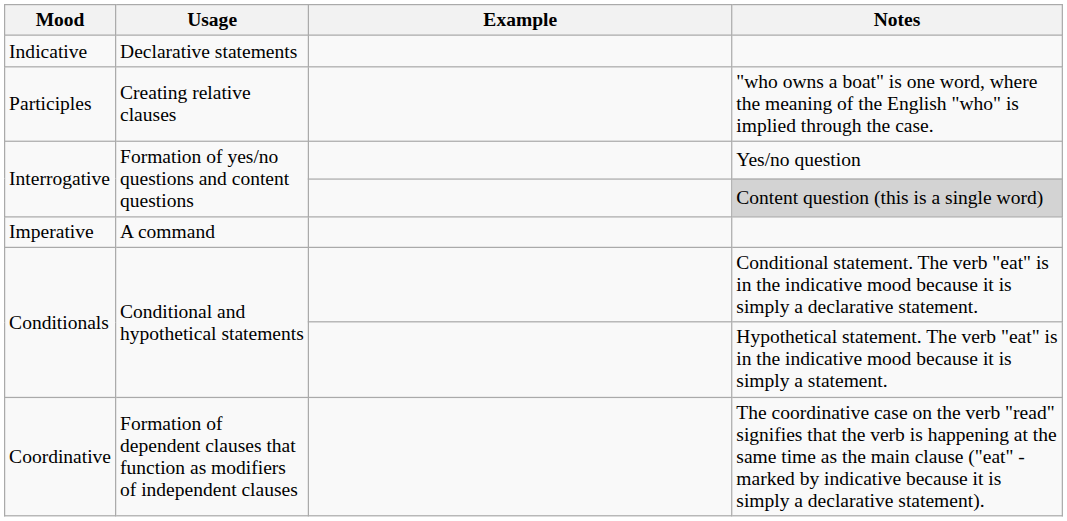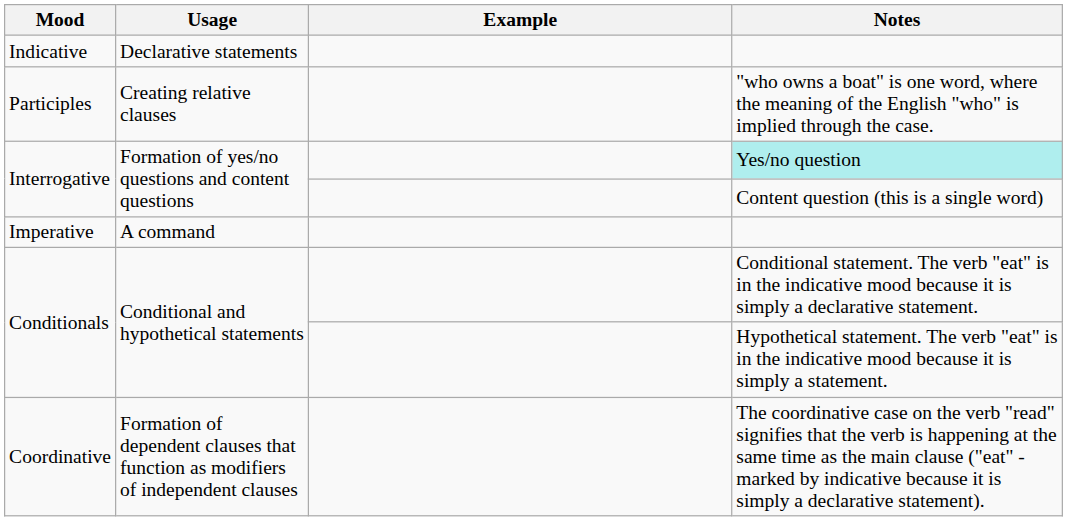 <table class="wikitable">
 <tr>
 <th>Mood</th>
 <th>Usage</th>
 <th width="40%">Example</th>
 <th>Notes</th>
 </tr>
 <tr>
 <td>Indicative</td>
 <td>Declarative statements</td>
 <td></td>
 <td></td>
 </tr>
 <tr>
 <td>Participles</td>
 <td>Creating relative clauses</td>
 <td></td>
 <td>"who owns a boat" is one word, where the meaning of the English "who" is implied through the case.</td>
 </tr>
 <tr>
 <td rowspan="2">Interrogative</td>
 <td rowspan="2">Formation of yes/no questions and content questions</td>
 <td></td>
-<td>Yes/no question</td>
+<td style="background: paleturquoise;">Yes/no question</td>
 </tr>
 <tr>
 <td></td>
-<td style="background: lightgrey;">Content question (this is a single word)</td>
+<td>Content question (this is a single word)</td>
 </tr>
 <tr>
 <td>Imperative</td>
 <td>A command</td>
 <td></td>
 <td></td>
 </tr>
 <tr>
 <td rowspan="2">Conditionals</td>
 <td rowspan="2">Conditional and hypothetical statements</td>
 <td></td>
 <td>Conditional statement. The verb "eat" is in the indicative mood because it is simply a declarative statement.</td>
 </tr>
 <tr>
 <td></td>
 <td>Hypothetical statement. The verb "eat" is in the indicative mood because it is simply a statement.</td>
 </tr>
 <tr>
 <td>Coordinative</td>
 <td>Formation of dependent clauses that function as modifiers of independent clauses</td>
 <td></td>
 <td>The coordinative case on the verb "read" signifies that the verb is happening at the same time as the main clause ("eat" - marked by indicative because it is simply a declarative statement).</td>
 </tr>
 </table>
